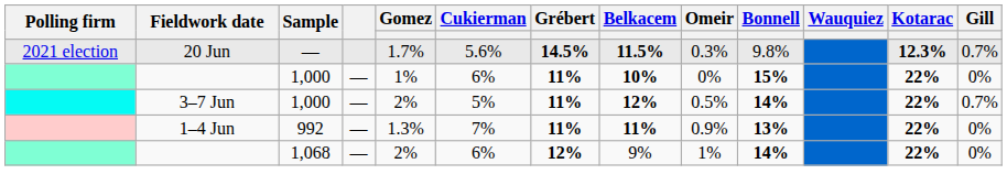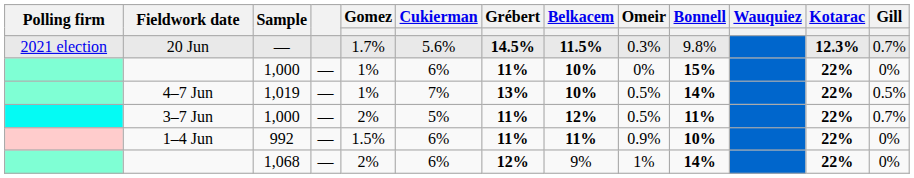 <table class="wikitable" style="text-align:center;font-size:90%;line-height:14px;">
 <tr>
 <th rowspan="2" style="width:100px;">Polling firm</th>
 <th rowspan="2" style="width:110px;">Fieldwork date</th>
 <th rowspan="2" style="width:35px;">Sample</th>
 <th rowspan="2" style="width:20px;"></th>
 <th>Gomez<br></th>
 <th><a href='#'>Cukierman</a><br></th>
 <th>Grébert<br></th>
 <th><a href='#'>Belkacem</a><br></th>
 <th>Omeir<br></th>
 <th><a href='#'>Bonnell</a><br></th>
 <th><a href='#'>Wauquiez</a><br></th>
 <th><a href='#'>Kotarac</a><br></th>
 <th>Gill<br></th>
 </tr>
 <tr>
 <th style="background:"></th>
 <th style="background:"></th>
 <th style="background:"></th>
 <th style="background:"></th>
 <th style="background:"></th>
 <th style="background:"></th>
 <th style="background:"></th>
 <th style="background:"></th>
 <th style="background:"></th>
 </tr>
 <tr style="background:#E9E9E9;">
 <td><a href='#'>2021 election</a></td>
 <td data-sort-value="2021-06-20">20 Jun</td>
 <td>—</td>
 <td></td>
 <td>1.7%</td>
 <td>5.6%</td>
 <td><strong>14.5%</strong></td>
 <td><strong>11.5%</strong></td>
 <td>0.3%</td>
 <td>9.8%</td>
 <td style="background:#0066CC;"><strong></strong></td>
 <td><strong>12.3%</strong></td>
 <td>0.7%</td>
 </tr>
 <tr>
 <td style="background:aquamarine;"></td>
 <td></td>
 <td>1,000</td>
 <td>—</td>
 <td>1%</td>
 <td>6%</td>
 <td><strong>11%</strong></td>
 <td><strong>10%</strong></td>
 <td>0%</td>
 <td><strong>15%</strong></td>
 <td style="background:#0066CC;"><strong></strong></td>
 <td><strong>22%</strong></td>
 <td>0%</td>
 </tr>
 <tr>
+<td style="background:aquamarine;"></td>
+<td>4–7 Jun</td>
+<td>1,019</td>
+<td>—</td>
+<td>1%</td>
+<td>7%</td>
+<td><strong>13%</strong></td>
+<td><strong>10%</strong></td>
+<td>0.5%</td>
+<td><strong>14%</strong></td>
+<td style="background:#0066CC;"><strong></strong></td>
+<td><strong>22%</strong></td>
+<td>0.5%</td>
+</tr>
+<tr>
 <td style="background:#04FBF4;"></td>
 <td>3–7 Jun</td>
 <td>1,000</td>
 <td>—</td>
 <td>2%</td>
 <td>5%</td>
 <td><strong>11%</strong></td>
 <td><strong>12%</strong></td>
 <td>0.5%</td>
-<td><strong>14%</strong></td>
+<td><strong>11%</strong></td>
 <td style="background:#0066CC;"><strong></strong></td>
 <td><strong>22%</strong></td>
 <td>0.7%</td>
 </tr>
 <tr>
 <td style="background:#FFCCCC;"></td>
 <td>1–4 Jun</td>
 <td>992</td>
 <td>—</td>
-<td>1.3%</td>
-<td>7%</td>
+<td>1.5%</td>
+<td>6%</td>
 <td><strong>11%</strong></td>
 <td><strong>11%</strong></td>
 <td>0.9%</td>
-<td><strong>13%</strong></td>
+<td><strong>10%</strong></td>
 <td style="background:#0066CC;"><strong></strong></td>
 <td><strong>22%</strong></td>
 <td>0%</td>
 </tr>
 <tr>
 <td style="background:aquamarine;"></td>
 <td></td>
 <td>1,068</td>
 <td>—</td>
 <td>2%</td>
 <td>6%</td>
 <td><strong>12%</strong></td>
 <td>9%</td>
 <td>1%</td>
 <td><strong>14%</strong></td>
 <td style="background:#0066CC;"><strong></strong></td>
 <td><strong>22%</strong></td>
 <td>0%</td>
 </tr>
 </table>
